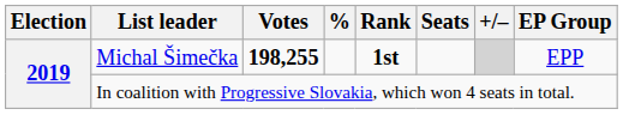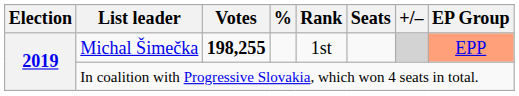 <table class="wikitable" style="text-align:center">
 <tr>
 <th>Election</th>
 <th>List leader</th>
 <th>Votes</th>
 <th>%</th>
 <th>Rank</th>
 <th><strong>Seats</strong></th>
 <th>+/–</th>
 <th>EP Group</th>
 </tr>
 <tr>
 <th rowspan="2"><a href='#'>2019</a></th>
 <td><a href='#'>Michal Šimečka</a></td>
 <td><strong>198,255</strong></td>
 <td></td>
-<td><strong>1st</strong></td>
+<td>1st</td>
 <td></td>
 <td bgcolor="lightgrey"></td>
-<td><a href='#'>EPP</a></td>
+<td style="background: lightsalmon;"><a href='#'>EPP</a></td>
 </tr>
 <tr>
 <td colspan="7" align="left"><small>In coalition with <a href='#'>Progressive Slovakia</a>, which won 4 seats in total.</small></td>
 </tr>
 </table>
